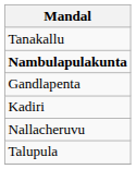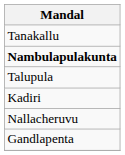 <table class="wikitable sortable static-row-numbers static-row-header-hash">
 <tr>
 <th>Mandal</th>
 </tr>
 <tr>
 <td>Tanakallu</td>
 </tr>
 <tr>
 <td><strong>Nambulapulakunta</strong></td>
 </tr>
 <tr>
-<td>Gandlapenta</td>
+<td>Talupula</td>
 </tr>
 <tr>
 <td>Kadiri</td>
 </tr>
 <tr>
 <td>Nallacheruvu</td>
 </tr>
 <tr>
-<td>Talupula</td>
+<td>Gandlapenta</td>
 </tr>
 <tr>
 </tr>
 </table>
